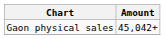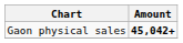 <table class="wikitable">
 <tr>
 <th>Chart</th>
 <th>Amount</th>
 </tr>
 <tr>
 <td>Gaon physical sales </td>
-<td style="text-align:center;">45,042+</td>
+<td style="text-align:center;"><strong>45,042+</strong></td>
 </tr>
 <tr>
 </tr>
 </table>
